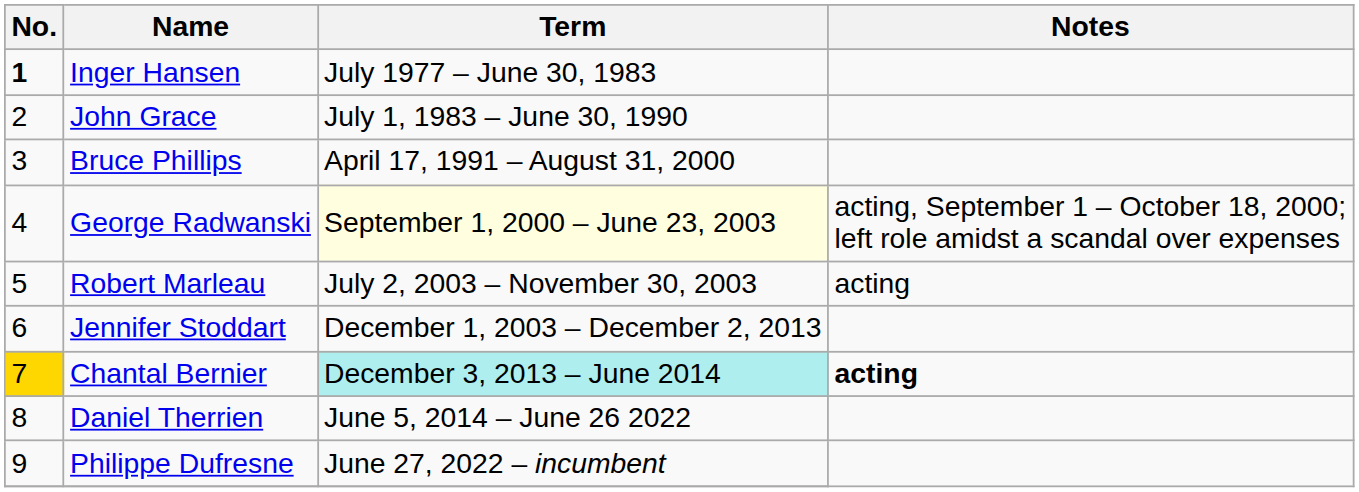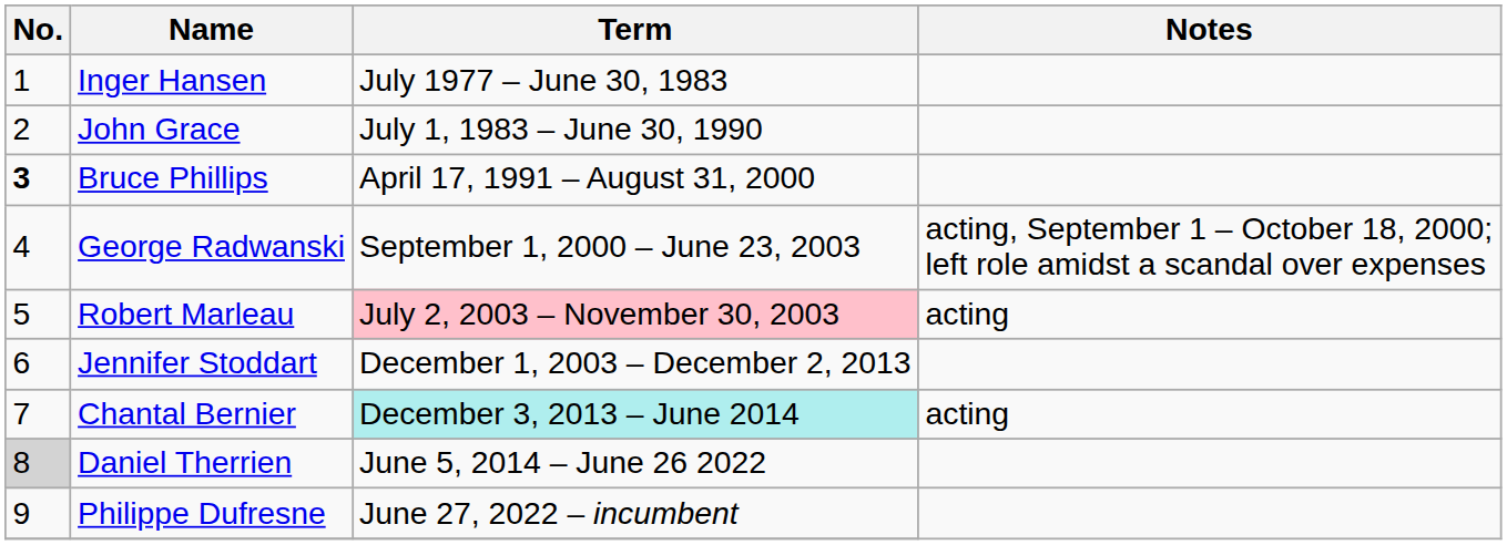 <table class="wikitable">
 <tr>
 <th>No.</th>
 <th>Name</th>
 <th>Term</th>
 <th>Notes</th>
 </tr>
 <tr>
-<td><strong>1</strong></td>
+<td>1</td>
 <td><a href='#'>Inger Hansen</a></td>
 <td>July 1977 – June 30, 1983</td>
 <td></td>
 </tr>
 <tr>
 <td>2</td>
 <td><a href='#'>John Grace</a></td>
 <td>July 1, 1983 – June 30, 1990</td>
 <td></td>
 </tr>
 <tr>
-<td>3</td>
+<td><strong>3</strong></td>
 <td><a href='#'>Bruce Phillips</a></td>
 <td>April 17, 1991 – August 31, 2000</td>
 <td></td>
 </tr>
 <tr>
 <td>4</td>
 <td><a href='#'>George Radwanski</a></td>
-<td style="background: lightyellow;">September 1, 2000 – June 23, 2003</td>
+<td>September 1, 2000 – June 23, 2003</td>
 <td>acting, September 1 – October 18, 2000;<br>left role amidst a scandal over expenses</td>
 </tr>
 <tr>
 <td>5</td>
 <td><a href='#'>Robert Marleau</a></td>
-<td>July 2, 2003 – November 30, 2003</td>
+<td style="background: pink;">July 2, 2003 – November 30, 2003</td>
 <td>acting</td>
 </tr>
 <tr>
 <td>6</td>
 <td><a href='#'>Jennifer Stoddart</a></td>
 <td>December 1, 2003 – December 2, 2013</td>
 <td></td>
 </tr>
 <tr>
-<td style="background: gold;">7</td>
+<td>7</td>
 <td><a href='#'>Chantal Bernier</a></td>
 <td style="background: paleturquoise;">December 3, 2013 – June 2014</td>
-<td><strong>acting</strong></td>
+<td>acting</td>
 </tr>
 <tr>
-<td>8</td>
+<td style="background: lightgrey;">8</td>
 <td><a href='#'>Daniel Therrien</a></td>
 <td>June 5, 2014 – June 26 2022</td>
 <td></td>
 </tr>
 <tr>
 <td>9</td>
 <td><a href='#'>Philippe Dufresne</a></td>
 <td>June 27, 2022 – <em>incumbent</em></td>
 </tr>
 <tr>
 </tr>
 </table>
